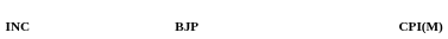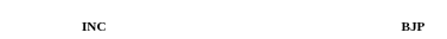 <table style="width:61%; text-align:center;">
 <tr style="color:white;">
 <td style="background:"><strong>24</strong></td>
 <td style="background:"><strong>9</strong></td>
-<td style="background:"><strong>1</strong></td>
 </tr>
 <tr>
 <td><strong>INC</strong></td>
 <td><strong>BJP</strong></td>
-<td><strong>CPI(M)</strong></td>
 </tr>
 </table>
